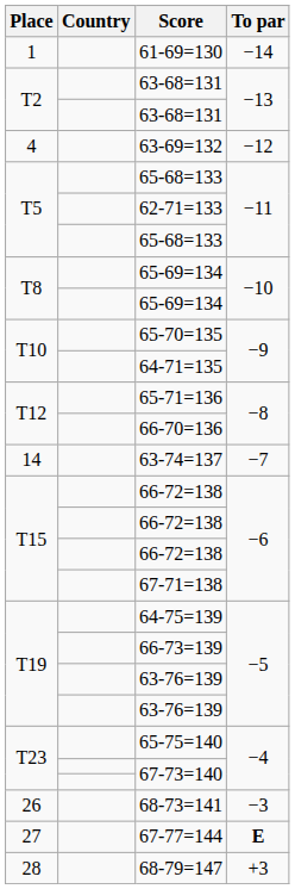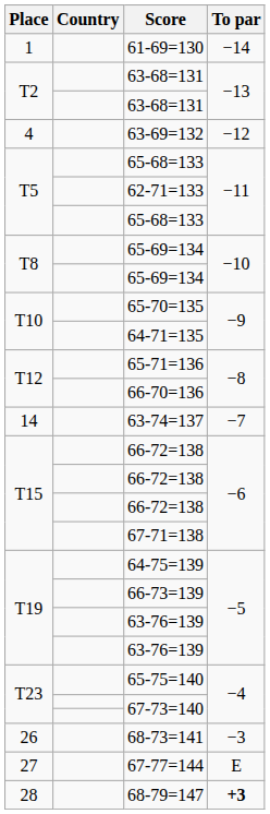 <table class="wikitable" style="font-size:95%;">
 <tr>
 <th>Place</th>
 <th>Country</th>
 <th>Score</th>
 <th>To par</th>
 </tr>
 <tr>
 <td align=center>1</td>
 <td></td>
 <td>61-69=130</td>
 <td align=center>−14</td>
 </tr>
 <tr>
 <td rowspan=2 align=center>T2</td>
 <td></td>
 <td>63-68=131</td>
 <td rowspan=2 align=center>−13</td>
 </tr>
 <tr>
 <td></td>
 <td>63-68=131</td>
 </tr>
 <tr>
 <td align=center>4</td>
 <td></td>
 <td>63-69=132</td>
 <td align=center>−12</td>
 </tr>
 <tr>
 <td rowspan=3 align=center>T5</td>
 <td></td>
 <td>65-68=133</td>
 <td rowspan=3 align=center>−11</td>
 </tr>
 <tr>
 <td></td>
 <td>62-71=133</td>
 </tr>
 <tr>
 <td></td>
 <td>65-68=133</td>
 </tr>
 <tr>
 <td rowspan=2 align=center>T8</td>
 <td></td>
 <td>65-69=134</td>
 <td rowspan=2 align=center>−10</td>
 </tr>
 <tr>
 <td></td>
 <td>65-69=134</td>
 </tr>
 <tr>
 <td rowspan=2 align=center>T10</td>
 <td></td>
 <td>65-70=135</td>
 <td rowspan=2 align=center>−9</td>
 </tr>
 <tr>
 <td></td>
 <td>64-71=135</td>
 </tr>
 <tr>
 <td rowspan=2 align=center>T12</td>
 <td></td>
 <td>65-71=136</td>
 <td rowspan=2 align=center>−8</td>
 </tr>
 <tr>
 <td></td>
 <td>66-70=136</td>
 </tr>
 <tr>
 <td align=center>14</td>
 <td></td>
 <td>63-74=137</td>
 <td align=center>−7</td>
 </tr>
 <tr>
 <td rowspan=4 align=center>T15</td>
 <td></td>
 <td>66-72=138</td>
 <td rowspan=4 align=center>−6</td>
 </tr>
 <tr>
 <td></td>
 <td>66-72=138</td>
 </tr>
 <tr>
 <td></td>
 <td>66-72=138</td>
 </tr>
 <tr>
 <td></td>
 <td>67-71=138</td>
 </tr>
 <tr>
 <td rowspan=4 align=center>T19</td>
 <td></td>
 <td>64-75=139</td>
 <td rowspan=4 align=center>−5</td>
 </tr>
 <tr>
 <td></td>
 <td>66-73=139</td>
 </tr>
 <tr>
 <td></td>
 <td>63-76=139</td>
 </tr>
 <tr>
 <td></td>
 <td>63-76=139</td>
 </tr>
 <tr>
 <td rowspan=3 align=center>T23</td>
 <td></td>
 <td>65-75=140</td>
 <td rowspan=3 align=center>−4</td>
 </tr>
 <tr>
 <td></td>
 <td rowspan=2>67-73=140</td>
 </tr>
 <tr>
 <td></td>
 </tr>
 <tr>
 <td align=center>26</td>
 <td></td>
 <td>68-73=141</td>
 <td align=center>−3</td>
 </tr>
 <tr>
 <td align=center>27</td>
 <td></td>
 <td>67-77=144</td>
-<td align=center><strong>E</strong></td>
+<td align=center>E</td>
 </tr>
 <tr>
 <td align=center>28</td>
 <td></td>
 <td>68-79=147</td>
-<td align=center>+3</td>
+<td align=center><strong>+3</strong></td>
 </tr>
 </table>
